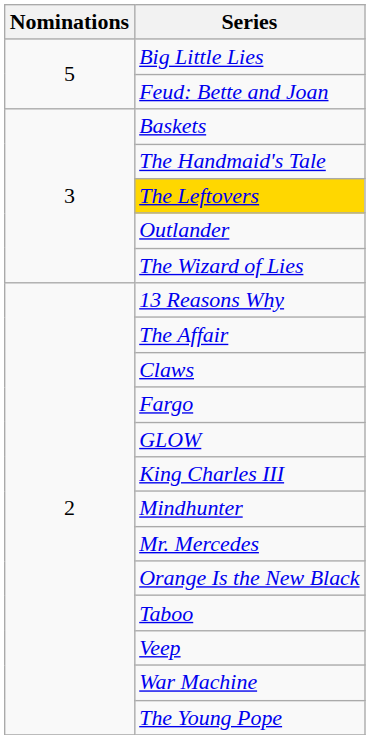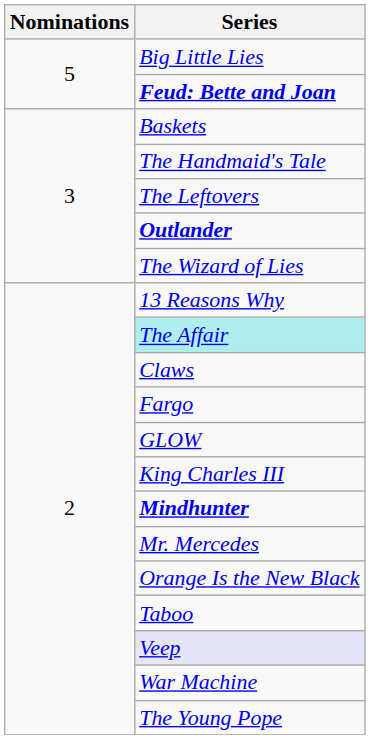 <table class="wikitable">
 <tr>
 <th>Nominations</th>
 <th>Series</th>
 </tr>
 <tr>
 <td rowspan="2" align="center">5</td>
 <td><em><a href='#'>Big Little Lies</a></em></td>
 </tr>
 <tr>
-<td><em><a href='#'>Feud: Bette and Joan</a></em></td>
+<td><strong><em><a href='#'>Feud: Bette and Joan</a></em></strong></td>
 </tr>
 <tr>
 <td rowspan="5" align="center">3</td>
 <td><em><a href='#'>Baskets</a></em></td>
 </tr>
 <tr>
 <td><em><a href='#'>The Handmaid's Tale</a></em></td>
 </tr>
 <tr>
-<td style="background: gold;"><em><a href='#'>The Leftovers</a></em></td>
+<td><em><a href='#'>The Leftovers</a></em></td>
 </tr>
 <tr>
-<td><em><a href='#'>Outlander</a></em></td>
+<td><strong><em><a href='#'>Outlander</a></em></strong></td>
 </tr>
 <tr>
 <td><em><a href='#'>The Wizard of Lies</a></em></td>
 </tr>
 <tr>
 <td rowspan="13" align="center">2</td>
 <td><em><a href='#'>13 Reasons Why</a></em></td>
 </tr>
 <tr>
-<td><em><a href='#'>The Affair</a></em></td>
+<td style="background: paleturquoise;"><em><a href='#'>The Affair</a></em></td>
 </tr>
 <tr>
 <td><em><a href='#'>Claws</a></em></td>
 </tr>
 <tr>
 <td><em><a href='#'>Fargo</a></em></td>
 </tr>
 <tr>
 <td><em><a href='#'>GLOW</a></em></td>
 </tr>
 <tr>
 <td><em><a href='#'>King Charles III</a></em></td>
 </tr>
 <tr>
-<td><em><a href='#'>Mindhunter</a></em></td>
+<td><strong><em><a href='#'>Mindhunter</a></em></strong></td>
 </tr>
 <tr>
 <td><em><a href='#'>Mr. Mercedes</a></em></td>
 </tr>
 <tr>
 <td><em><a href='#'>Orange Is the New Black</a></em></td>
 </tr>
 <tr>
 <td><em><a href='#'>Taboo</a></em></td>
 </tr>
 <tr>
-<td><em><a href='#'>Veep</a></em></td>
+<td style="background: lavender;"><em><a href='#'>Veep</a></em></td>
 </tr>
 <tr>
 <td><em><a href='#'>War Machine</a></em></td>
 </tr>
 <tr>
 <td><em><a href='#'>The Young Pope</a></em></td>
 </tr>
 </table>
